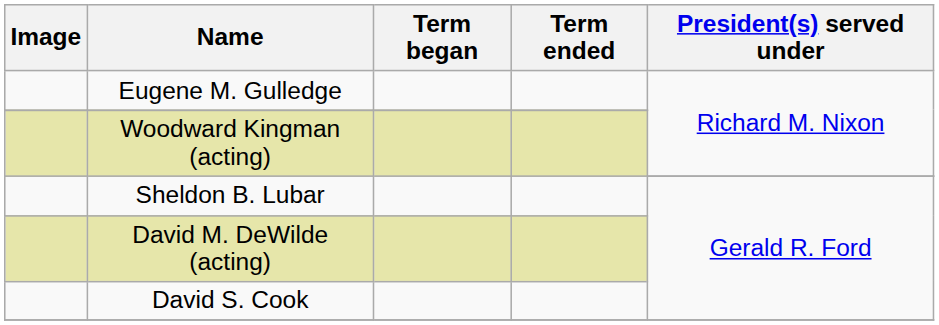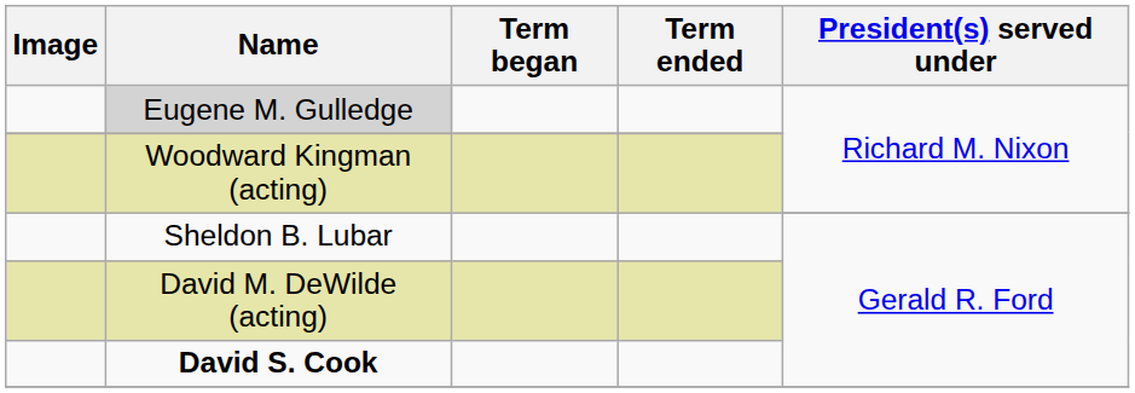 <table class="wikitable" style="text-align:center">
 <tr>
 <th>Image</th>
 <th>Name</th>
 <th>Term began</th>
 <th>Term ended</th>
 <th><a href='#'>President(s)</a> served under</th>
 </tr>
 <tr>
 <td></td>
-<td>Eugene M. Gulledge</td>
+<td style="background: lightgrey;">Eugene M. Gulledge</td>
 <td></td>
 <td></td>
 <td rowspan=3><a href='#'>Richard M. Nixon</a></td>
 </tr>
 <tr>
 </tr>
 <tr>
 <td style='background: #e6e6aa'></td>
 <td style='background: #e6e6aa'>Woodward Kingman (acting)</td>
 <td style='background: #e6e6aa'></td>
 <td style='background: #e6e6aa'></td>
 </tr>
 <tr>
 <td rowspan=2></td>
 <td rowspan=2>Sheldon B. Lubar</td>
 <td rowspan=2></td>
 <td rowspan=2></td>
 </tr>
 <tr>
 <td rowspan=3><a href='#'>Gerald R. Ford</a></td>
 </tr>
 <tr>
 <td style='background: #e6e6aa'></td>
 <td style='background: #e6e6aa'>David M. DeWilde (acting)</td>
 <td style='background: #e6e6aa'></td>
 <td style='background: #e6e6aa'></td>
 </tr>
 <tr>
 <td></td>
-<td>David S. Cook</td>
+<td><strong>David S. Cook</strong></td>
 <td></td>
 <td></td>
 </tr>
 <tr>
 </tr>
 </table>
